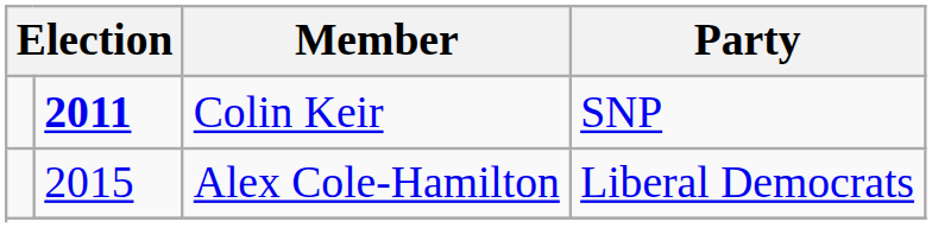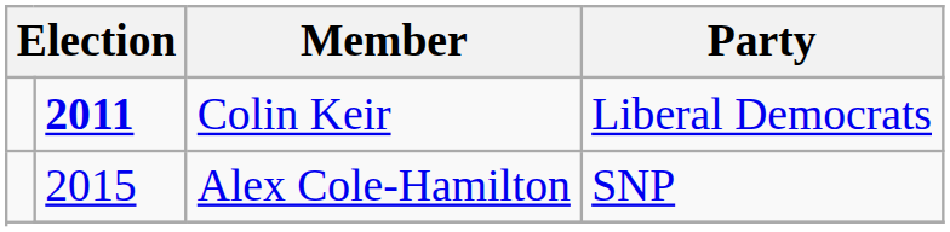 <table class="wikitable">
 <tr>
 <th colspan="2">Election</th>
 <th>Member</th>
 <th>Party</th>
 </tr>
 <tr>
 <td style="background-color: "></td>
 <td><strong><a href='#'>2011</a></strong></td>
 <td><a href='#'>Colin Keir</a></td>
-<td><a href='#'>SNP</a></td>
+<td><a href='#'>Liberal Democrats</a></td>
 </tr>
 <tr>
 <td rowspan="2" style="background-color: "></td>
 <td><a href='#'>2015</a></td>
 <td><a href='#'>Alex Cole-Hamilton</a></td>
-<td><a href='#'>Liberal Democrats</a></td>
+<td><a href='#'>SNP</a></td>
 </tr>
 <tr>
 </tr>
 </table>
